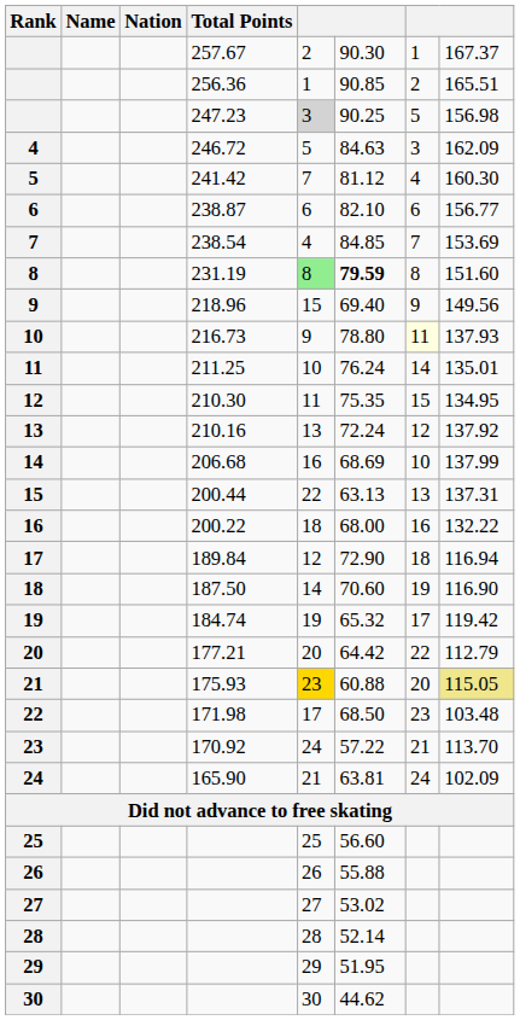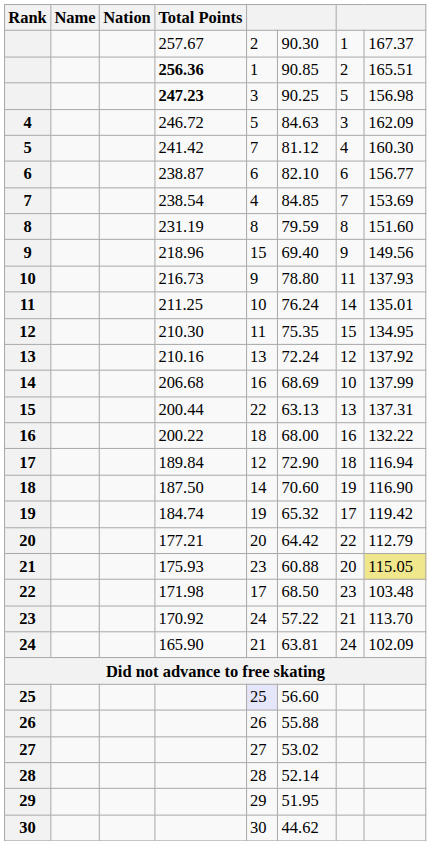 <table class="wikitable sortable">
 <tr>
 <th>Rank</th>
 <th>Name</th>
 <th>Nation</th>
 <th>Total Points</th>
 <th colspan="2" width="80px"></th>
 <th colspan="2" width="80px"></th>
 </tr>
 <tr>
 <th></th>
 <td></td>
 <td></td>
 <td>257.67</td>
 <td>2</td>
 <td>90.30</td>
 <td>1</td>
 <td>167.37</td>
 </tr>
 <tr>
 <th></th>
 <td></td>
 <td></td>
-<td>256.36</td>
+<td><strong>256.36</strong></td>
 <td>1</td>
 <td>90.85</td>
 <td>2</td>
 <td>165.51</td>
 </tr>
 <tr>
 <th></th>
 <td></td>
 <td></td>
-<td>247.23</td>
-<td style="background: lightgrey;">3</td>
+<td><strong>247.23</strong></td>
+<td>3</td>
 <td>90.25</td>
 <td>5</td>
 <td>156.98</td>
 </tr>
 <tr>
 <th>4</th>
 <td></td>
 <td></td>
 <td>246.72</td>
 <td>5</td>
 <td>84.63</td>
 <td>3</td>
 <td>162.09</td>
 </tr>
 <tr>
 <th>5</th>
 <td></td>
 <td></td>
 <td>241.42</td>
 <td>7</td>
 <td>81.12</td>
 <td>4</td>
 <td>160.30</td>
 </tr>
 <tr>
 <th>6</th>
 <td></td>
 <td></td>
 <td>238.87</td>
 <td>6</td>
 <td>82.10</td>
 <td>6</td>
 <td>156.77</td>
 </tr>
 <tr>
 <th>7</th>
 <td></td>
 <td></td>
 <td>238.54</td>
 <td>4</td>
 <td>84.85</td>
 <td>7</td>
 <td>153.69</td>
 </tr>
 <tr>
 <th>8</th>
 <td></td>
 <td></td>
 <td>231.19</td>
-<td style="background: lightgreen;">8</td>
-<td><strong>79.59</strong></td>
+<td>8</td>
+<td>79.59</td>
 <td>8</td>
 <td>151.60</td>
 </tr>
 <tr>
 <th>9</th>
 <td></td>
 <td></td>
 <td>218.96</td>
 <td>15</td>
 <td>69.40</td>
 <td>9</td>
 <td>149.56</td>
 </tr>
 <tr>
 <th>10</th>
 <td></td>
 <td></td>
 <td>216.73</td>
 <td>9</td>
 <td>78.80</td>
-<td style="background: lightyellow;">11</td>
+<td>11</td>
 <td>137.93</td>
 </tr>
 <tr>
 <th>11</th>
 <td></td>
 <td></td>
 <td>211.25</td>
 <td>10</td>
 <td>76.24</td>
 <td>14</td>
 <td>135.01</td>
 </tr>
 <tr>
 <th>12</th>
 <td></td>
 <td></td>
 <td>210.30</td>
 <td>11</td>
 <td>75.35</td>
 <td>15</td>
 <td>134.95</td>
 </tr>
 <tr>
 <th>13</th>
 <td></td>
 <td></td>
 <td>210.16</td>
 <td>13</td>
 <td>72.24</td>
 <td>12</td>
 <td>137.92</td>
 </tr>
 <tr>
 <th>14</th>
 <td></td>
 <td></td>
 <td>206.68</td>
 <td>16</td>
 <td>68.69</td>
 <td>10</td>
 <td>137.99</td>
 </tr>
 <tr>
 <th>15</th>
 <td></td>
 <td></td>
 <td>200.44</td>
 <td>22</td>
 <td>63.13</td>
 <td>13</td>
 <td>137.31</td>
 </tr>
 <tr>
 <th>16</th>
 <td></td>
 <td></td>
 <td>200.22</td>
 <td>18</td>
 <td>68.00</td>
 <td>16</td>
 <td>132.22</td>
 </tr>
 <tr>
 <th>17</th>
 <td></td>
 <td></td>
 <td>189.84</td>
 <td>12</td>
 <td>72.90</td>
 <td>18</td>
 <td>116.94</td>
 </tr>
 <tr>
 <th>18</th>
 <td></td>
 <td></td>
 <td>187.50</td>
 <td>14</td>
 <td>70.60</td>
 <td>19</td>
 <td>116.90</td>
 </tr>
 <tr>
 <th>19</th>
 <td></td>
 <td></td>
 <td>184.74</td>
 <td>19</td>
 <td>65.32</td>
 <td>17</td>
 <td>119.42</td>
 </tr>
 <tr>
 <th>20</th>
 <td></td>
 <td></td>
 <td>177.21</td>
 <td>20</td>
 <td>64.42</td>
 <td>22</td>
 <td>112.79</td>
 </tr>
 <tr>
 <th>21</th>
 <td></td>
 <td></td>
 <td>175.93</td>
-<td style="background: gold;">23</td>
+<td>23</td>
 <td>60.88</td>
 <td>20</td>
 <td style="background: khaki;">115.05</td>
 </tr>
 <tr>
 <th>22</th>
 <td></td>
 <td></td>
 <td>171.98</td>
 <td>17</td>
 <td>68.50</td>
 <td>23</td>
 <td>103.48</td>
 </tr>
 <tr>
 <th>23</th>
 <td></td>
 <td></td>
 <td>170.92</td>
 <td>24</td>
 <td>57.22</td>
 <td>21</td>
 <td>113.70</td>
 </tr>
 <tr>
 <th>24</th>
 <td></td>
 <td></td>
 <td>165.90</td>
 <td>21</td>
 <td>63.81</td>
 <td>24</td>
 <td>102.09</td>
 </tr>
 <tr>
 <th colspan=8>Did not advance to free skating</th>
 </tr>
 <tr>
 <th>25</th>
 <td></td>
 <td></td>
 <td></td>
-<td>25</td>
+<td style="background: lavender;">25</td>
 <td>56.60</td>
 <td></td>
 <td></td>
 </tr>
 <tr>
 <th>26</th>
 <td></td>
 <td></td>
 <td></td>
 <td>26</td>
 <td>55.88</td>
 <td></td>
 <td></td>
 </tr>
 <tr>
 <th>27</th>
 <td></td>
 <td></td>
 <td></td>
 <td>27</td>
 <td>53.02</td>
 <td></td>
 <td></td>
 </tr>
 <tr>
 <th>28</th>
 <td></td>
 <td></td>
 <td></td>
 <td>28</td>
 <td>52.14</td>
 <td></td>
 <td></td>
 </tr>
 <tr>
 <th>29</th>
 <td></td>
 <td></td>
 <td></td>
 <td>29</td>
 <td>51.95</td>
 <td></td>
 <td></td>
 </tr>
 <tr>
 <th>30</th>
 <td></td>
 <td></td>
 <td></td>
 <td>30</td>
 <td>44.62</td>
 <td></td>
 <td></td>
 </tr>
 </table>
